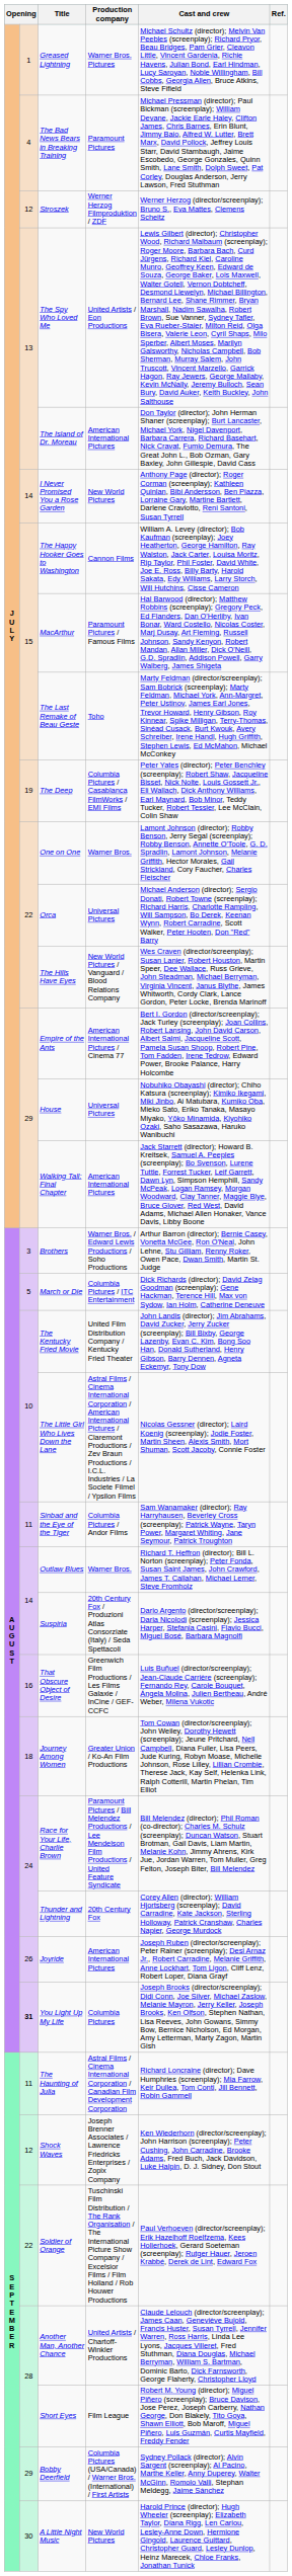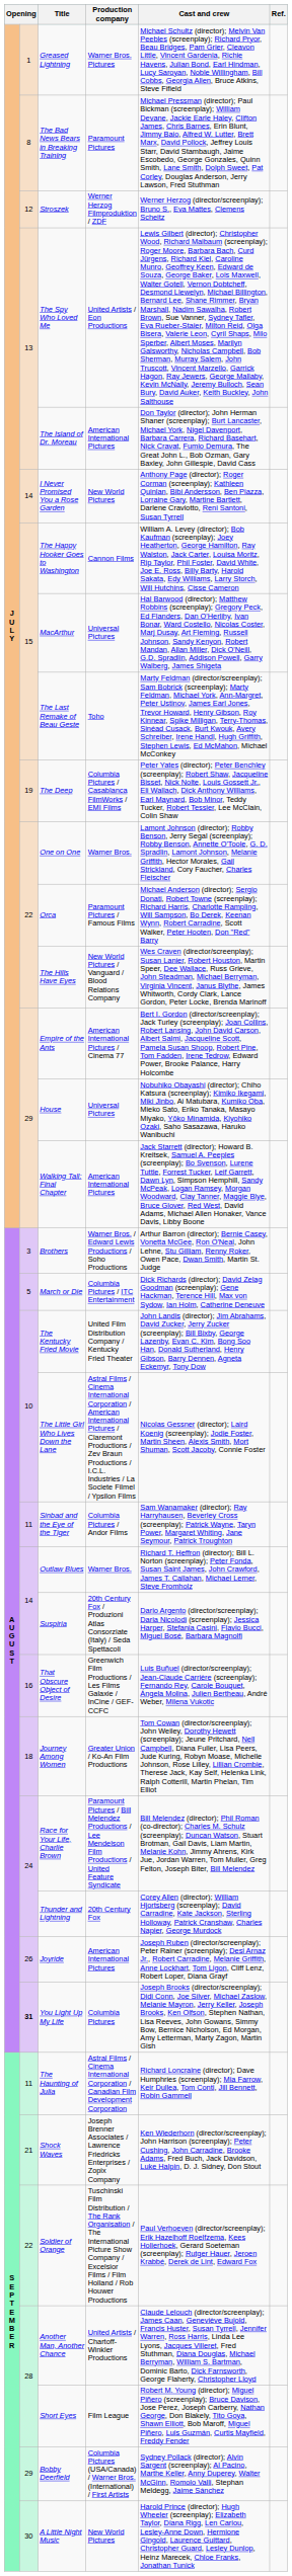 <table class="wikitable">
 <tr style="background:#b0e0e6; text-align:center;">
 <th colspan="2">Opening</th>
 <th style="width:17%;">Title</th>
 <th style="width:16%;">Production company</th>
 <th>Cast and crew</th>
 <th class="unsortable">Ref.</th>
 </tr>
 <tr>
 <th rowspan="16" style="text-align:center; background:#f7bf87;"><strong>J<br>U<br>L<br>Y</strong></th>
 <td style="text-align:center; background:#f7dfc7;">1</td>
 <td><em><a href='#'>Greased Lightning</a></em></td>
 <td><a href='#'>Warner Bros. Pictures</a></td>
 <td><a href='#'>Michael Schultz</a> (director); <a href='#'>Melvin Van Peebles</a> (screenplay); <a href='#'>Richard Pryor</a>, <a href='#'>Beau Bridges</a>, <a href='#'>Pam Grier</a>, <a href='#'>Cleavon Little</a>, <a href='#'>Vincent Gardenia</a>, <a href='#'>Richie Havens</a>, <a href='#'>Julian Bond</a>, <a href='#'>Earl Hindman</a>, <a href='#'>Lucy Saroyan</a>, <a href='#'>Noble Willingham</a>, <a href='#'>Bill Cobbs</a>, <a href='#'>Georgia Allen</a>, Bruce Atkins, Steve Fifield</td>
 <td></td>
 </tr>
 <tr>
-<td style="text-align:center; background:#f7dfc7;">4</td>
+<td style="text-align:center; background:#f7dfc7;">8</td>
 <td><em><a href='#'>The Bad News Bears in Breaking Training</a></em></td>
 <td><a href='#'>Paramount Pictures</a></td>
 <td><a href='#'>Michael Pressman</a> (director); Paul Bickman (screenplay); <a href='#'>William Devane</a>, <a href='#'>Jackie Earle Haley</a>, <a href='#'>Clifton James</a>, <a href='#'>Chris Barnes</a>, Erin Blunt, <a href='#'>Jimmy Baio</a>, <a href='#'>Alfred W. Lutter</a>, <a href='#'>Brett Marx</a>, <a href='#'>David Pollock</a>, Jeffrey Louis Starr, David Stambaugh, Jaime Escobedo, George Gonzales, Quinn Smith, <a href='#'>Lane Smith</a>, <a href='#'>Dolph Sweet</a>, <a href='#'>Pat Corley</a>, Douglas Anderson, Jerry Lawson, Fred Stuthman</td>
 <td></td>
 </tr>
 <tr>
 <td style="text-align:center; background:#f7dfc7;">12</td>
 <td><em><a href='#'>Stroszek</a></em></td>
 <td><a href='#'>Werner Herzog Filmproduktion</a> / <a href='#'>ZDF</a></td>
 <td><a href='#'>Werner Herzog</a> (director/screenplay); <a href='#'>Bruno S.</a>, <a href='#'>Eva Mattes</a>, <a href='#'>Clemens Scheitz</a></td>
 <td></td>
 </tr>
 <tr>
 <td rowspan="2" style="text-align:center; background:#f7dfc7;">13</td>
 <td><em><a href='#'>The Spy Who Loved Me</a></em></td>
 <td><a href='#'>United Artists</a> / <a href='#'>Eon Productions</a></td>
 <td><a href='#'>Lewis Gilbert</a> (director); <a href='#'>Christopher Wood</a>, <a href='#'>Richard Maibaum</a> (screenplay); <a href='#'>Roger Moore</a>, <a href='#'>Barbara Bach</a>, <a href='#'>Curd Jürgens</a>, <a href='#'>Richard Kiel</a>, <a href='#'>Caroline Munro</a>, <a href='#'>Geoffrey Keen</a>, <a href='#'>Edward de Souza</a>, <a href='#'>George Baker</a>, <a href='#'>Lois Maxwell</a>, <a href='#'>Walter Gotell</a>, <a href='#'>Vernon Dobtcheff</a>, <a href='#'>Desmond Llewelyn</a>, <a href='#'>Michael Billington</a>, <a href='#'>Bernard Lee</a>, <a href='#'>Shane Rimmer</a>, <a href='#'>Bryan Marshall</a>, <a href='#'>Nadim Sawalha</a>, <a href='#'>Robert Brown</a>, Sue Vanner, <a href='#'>Sydney Tafler</a>, <a href='#'>Eva Rueber-Staier</a>, <a href='#'>Milton Reid</a>, <a href='#'>Olga Bisera</a>, <a href='#'>Valerie Leon</a>, <a href='#'>Cyril Shaps</a>, <a href='#'>Milo Sperber</a>, <a href='#'>Albert Moses</a>, <a href='#'>Marilyn Galsworthy</a>, <a href='#'>Nicholas Campbell</a>, <a href='#'>Bob Sherman</a>, <a href='#'>Murray Salem</a>, <a href='#'>John Truscott</a>, <a href='#'>Vincent Marzello</a>, <a href='#'>Garrick Hagon</a>, <a href='#'>Ray Jewers</a>, <a href='#'>George Mallaby</a>, <a href='#'>Kevin McNally</a>, <a href='#'>Jeremy Bulloch</a>, <a href='#'>Sean Bury</a>, <a href='#'>David Auker</a>, <a href='#'>Keith Buckley</a>, <a href='#'>John Salthouse</a></td>
 <td></td>
 </tr>
 <tr>
 <td><em><a href='#'>The Island of Dr. Moreau</a></em></td>
 <td><a href='#'>American International Pictures</a></td>
 <td><a href='#'>Don Taylor</a> (director); John Herman Shaner (screenplay); <a href='#'>Burt Lancaster</a>, <a href='#'>Michael York</a>, <a href='#'>Nigel Davenport</a>, <a href='#'>Barbara Carrera</a>, <a href='#'>Richard Basehart</a>, <a href='#'>Nick Cravat</a>, <a href='#'>Fumio Demura</a>, The Great John L., Bob Ozman, Gary Baxley, John Gillespie, David Cass</td>
 <td></td>
 </tr>
 <tr>
 <td style="text-align:center; background:#f7dfc7;">14</td>
 <td><em><a href='#'>I Never Promised You a Rose Garden</a></em></td>
 <td><a href='#'>New World Pictures</a></td>
 <td><a href='#'>Anthony Page</a> (director); <a href='#'>Roger Corman</a> (screenplay); <a href='#'>Kathleen Quinlan</a>, <a href='#'>Bibi Andersson</a>, <a href='#'>Ben Piazza</a>, <a href='#'>Lorraine Gary</a>, <a href='#'>Martine Bartlett</a>, Darlene Craviotto, <a href='#'>Reni Santoni</a>, <a href='#'>Susan Tyrrell</a></td>
 <td></td>
 </tr>
 <tr>
 <td rowspan="3" style="text-align:center; background:#f7dfc7;">15</td>
 <td><em><a href='#'>The Happy Hooker Goes to Washington</a></em></td>
 <td><a href='#'>Cannon Films</a></td>
 <td>William A. Levey (director); <a href='#'>Bob Kaufman</a> (screenplay); <a href='#'>Joey Heatherton</a>, <a href='#'>George Hamilton</a>, <a href='#'>Ray Walston</a>, <a href='#'>Jack Carter</a>, <a href='#'>Louisa Moritz</a>, <a href='#'>Rip Taylor</a>, <a href='#'>Phil Foster</a>, <a href='#'>David White</a>, <a href='#'>Joe E. Ross</a>, <a href='#'>Billy Barty</a>, <a href='#'>Harold Sakata</a>, <a href='#'>Edy Williams</a>, <a href='#'>Larry Storch</a>, <a href='#'>Will Hutchins</a>, <a href='#'>Cisse Cameron</a></td>
 <td></td>
 </tr>
 <tr>
 <td><em><a href='#'>MacArthur</a></em></td>
-<td><a href='#'>Paramount Pictures</a> / Famous Films</td>
+<td><a href='#'>Universal Pictures</a></td>
 <td><a href='#'>Hal Barwood</a> (director); <a href='#'>Matthew Robbins</a> (screenplay); <a href='#'>Gregory Peck</a>, <a href='#'>Ed Flanders</a>, <a href='#'>Dan O'Herlihy</a>, <a href='#'>Ivan Bonar</a>, <a href='#'>Ward Costello</a>, <a href='#'>Nicolas Coster</a>, <a href='#'>Marj Dusay</a>, <a href='#'>Art Fleming</a>, <a href='#'>Russell Johnson</a>, <a href='#'>Sandy Kenyon</a>, <a href='#'>Robert Mandan</a>, <a href='#'>Allan Miller</a>, <a href='#'>Dick O'Neill</a>, <a href='#'>G.D. Spradlin</a>, <a href='#'>Addison Powell</a>, <a href='#'>Garry Walberg</a>, <a href='#'>James Shigeta</a></td>
 <td></td>
 </tr>
 <tr>
 <td><em><a href='#'>The Last Remake of Beau Geste</a></em></td>
 <td><a href='#'>Toho</a></td>
 <td><a href='#'>Marty Feldman</a> (director/screenplay); <a href='#'>Sam Bobrick</a> (screenplay); <a href='#'>Marty Feldman</a>, <a href='#'>Michael York</a>, <a href='#'>Ann-Margret</a>, <a href='#'>Peter Ustinov</a>, <a href='#'>James Earl Jones</a>, <a href='#'>Trevor Howard</a>, <a href='#'>Henry Gibson</a>, <a href='#'>Roy Kinnear</a>, <a href='#'>Spike Milligan</a>, <a href='#'>Terry-Thomas</a>, <a href='#'>Sinéad Cusack</a>, <a href='#'>Burt Kwouk</a>, <a href='#'>Avery Schreiber</a>, <a href='#'>Irene Handl</a>, <a href='#'>Hugh Griffith</a>, <a href='#'>Stephen Lewis</a>, <a href='#'>Ed McMahon</a>, Michael McConkey</td>
 <td></td>
 </tr>
 <tr>
 <td style="text-align:center; background:#f7dfc7;">19</td>
 <td><em><a href='#'>The Deep</a></em></td>
 <td><a href='#'>Columbia Pictures</a> / <a href='#'>Casablanca FilmWorks</a> / <a href='#'>EMI Films</a></td>
 <td><a href='#'>Peter Yates</a> (director); <a href='#'>Peter Benchley</a> (screenplay); <a href='#'>Robert Shaw</a>, <a href='#'>Jacqueline Bisset</a>, <a href='#'>Nick Nolte</a>, <a href='#'>Louis Gossett Jr.</a>, <a href='#'>Eli Wallach</a>, <a href='#'>Dick Anthony Williams</a>, <a href='#'>Earl Maynard</a>, <a href='#'>Bob Minor</a>, Teddy Tucker, <a href='#'>Robert Tessier</a>, Lee McClain, Colin Shaw</td>
 <td></td>
 </tr>
 <tr>
 <td rowspan="3" style="text-align:center; background:#f7dfc7;">22</td>
 <td><em><a href='#'>One on One</a></em></td>
 <td><a href='#'>Warner Bros.</a></td>
 <td><a href='#'>Lamont Johnson</a> (director); <a href='#'>Robby Benson</a>, Jerry Segal (screenplay); <a href='#'>Robby Benson</a>, <a href='#'>Annette O'Toole</a>, <a href='#'>G. D. Spradlin</a>, <a href='#'>Lamont Johnson</a>, <a href='#'>Melanie Griffith</a>, Hector Morales, <a href='#'>Gail Strickland</a>, Cory Faucher, <a href='#'>Charles Fleischer</a></td>
 <td></td>
 </tr>
 <tr>
 <td><em><a href='#'>Orca</a></em></td>
-<td><a href='#'>Universal Pictures</a></td>
+<td><a href='#'>Paramount Pictures</a> / Famous Films</td>
 <td><a href='#'>Michael Anderson</a> (director); <a href='#'>Sergio Donati</a>, <a href='#'>Robert Towne</a> (screenplay); <a href='#'>Richard Harris</a>, <a href='#'>Charlotte Rampling</a>, <a href='#'>Will Sampson</a>, <a href='#'>Bo Derek</a>, <a href='#'>Keenan Wynn</a>, <a href='#'>Robert Carradine</a>, Scott Walker, <a href='#'>Peter Hooten</a>, <a href='#'>Don "Red" Barry</a></td>
 <td></td>
 </tr>
 <tr>
 <td><em><a href='#'>The Hills Have Eyes</a></em></td>
 <td><a href='#'>New World Pictures</a> / Vanguard / Blood Relations Company</td>
 <td><a href='#'>Wes Craven</a> (director/screenplay); <a href='#'>Susan Lanier</a>, <a href='#'>Robert Houston</a>, Martin Speer, <a href='#'>Dee Wallace</a>, Russ Grieve, <a href='#'>John Steadman</a>, <a href='#'>Michael Berryman</a>, <a href='#'>Virginia Vincent</a>, <a href='#'>Janus Blythe</a>, James Whitworth, Cordy Clark, Lance Gordon, Peter Locke, Brenda Marinoff</td>
 <td></td>
 </tr>
 <tr>
 <td rowspan="3" style="text-align:center; background:#f7dfc7;">29</td>
 <td><em><a href='#'>Empire of the Ants</a></em></td>
 <td><a href='#'>American International Pictures</a> / Cinema 77</td>
 <td><a href='#'>Bert I. Gordon</a> (director/screenplay); Jack Turley (screenplay); <a href='#'>Joan Collins</a>, <a href='#'>Robert Lansing</a>, <a href='#'>John David Carson</a>, <a href='#'>Albert Salmi</a>, <a href='#'>Jacqueline Scott</a>, <a href='#'>Pamela Susan Shoop</a>, <a href='#'>Robert Pine</a>, <a href='#'>Tom Fadden</a>, <a href='#'>Irene Tedrow</a>, Edward Power, Brooke Palance, Harry Holcombe</td>
 <td></td>
 </tr>
 <tr>
 <td><em><a href='#'>House</a></em></td>
 <td><a href='#'>Universal Pictures</a></td>
 <td><a href='#'>Nobuhiko Obayashi</a> (director); Chiho Katsura (screenplay); <a href='#'>Kimiko Ikegami</a>, <a href='#'>Miki Jinbo</a>, Ai Matubara, <a href='#'>Kumiko Oba</a>, Mieko Sato, Eriko Tanaka, Masayo Miyako, <a href='#'>Yōko Minamida</a>, <a href='#'>Kiyohiko Ozaki</a>, Saho Sasazawa, Haruko Wanibuchi</td>
 <td></td>
 </tr>
 <tr>
 <td><em><a href='#'>Walking Tall: Final Chapter</a></em></td>
 <td><a href='#'>American International Pictures</a></td>
 <td><a href='#'>Jack Starrett</a> (director);  Howard B. Kreitsek, <a href='#'>Samuel A. Peeples</a> (screenplay); <a href='#'>Bo Svenson</a>, <a href='#'>Lurene Tuttle</a>, <a href='#'>Forrest Tucker</a>, <a href='#'>Leif Garrett</a>, <a href='#'>Dawn Lyn</a>, Simpson Hemphill, <a href='#'>Sandy McPeak</a>, <a href='#'>Logan Ramsey</a>, <a href='#'>Morgan Woodward</a>, <a href='#'>Clay Tanner</a>, <a href='#'>Maggie Blye</a>, <a href='#'>Bruce Glover</a>, <a href='#'>Red West</a>, David Adams, Michael Allen Honaker, Vance Davis, Libby Boone</td>
 <td></td>
 </tr>
 <tr>
 <th rowspan="13" style="text-align:center; background:#bf87f7;"><strong>A<br>U<br>G<br>U<br>S<br>T</strong></th>
 <td style="text-align:center; background:#dfc7f7;">3</td>
 <td><em><a href='#'>Brothers</a></em></td>
 <td><a href='#'>Warner Bros.</a> / <a href='#'>Edward Lewis Productions</a> / Soho Productions</td>
 <td>Arthur Barron (director); <a href='#'>Bernie Casey</a>, <a href='#'>Vonetta McGee</a>, <a href='#'>Ron O'Neal</a>, John Lehne, <a href='#'>Stu Gilliam</a>, <a href='#'>Renny Roker</a>, Owen Pace, <a href='#'>Dwan Smith</a>, Martin St. Judge</td>
 <td></td>
 </tr>
 <tr>
 <td style="text-align:center; background:#dfc7f7;">5</td>
 <td><em><a href='#'>March or Die</a></em></td>
 <td><a href='#'>Columbia Pictures</a> / <a href='#'>ITC Entertainment</a></td>
 <td><a href='#'>Dick Richards</a> (director); <a href='#'>David Zelag Goodman</a> (screenplay); <a href='#'>Gene Hackman</a>, <a href='#'>Terence Hill</a>, <a href='#'>Max von Sydow</a>, <a href='#'>Ian Holm</a>, <a href='#'>Catherine Deneuve</a></td>
 <td></td>
 </tr>
 <tr>
 <td rowspan="2" style="text-align:center; background:#dfc7f7;">10</td>
 <td><em><a href='#'>The Kentucky Fried Movie</a></em></td>
 <td>United Film Distribution Company / Kentucky Fried Theater</td>
 <td><a href='#'>John Landis</a> (director); <a href='#'>Jim Abrahams</a>, <a href='#'>David Zucker</a>, <a href='#'>Jerry Zucker</a> (screenplay); <a href='#'>Bill Bixby</a>, <a href='#'>George Lazenby</a>, <a href='#'>Evan C. Kim</a>, <a href='#'>Bong Soo Han</a>, <a href='#'>Donald Sutherland</a>, <a href='#'>Henry Gibson</a>, <a href='#'>Barry Dennen</a>, <a href='#'>Agneta Eckemyr</a>, <a href='#'>Tony Dow</a></td>
 <td></td>
 </tr>
 <tr>
 <td><em><a href='#'>The Little Girl Who Lives Down the Lane</a></em></td>
 <td><a href='#'>Astral Films</a> / <a href='#'>Cinema International Corporation</a> / <a href='#'>American International Pictures</a> / Claremont Productions / Zev Braun Productions / I.C.L. Industries / La Societe Filmel / Ypsilon Films</td>
 <td><a href='#'>Nicolas Gessner</a> (director); <a href='#'>Laird Koenig</a> (screenplay); <a href='#'>Jodie Foster</a>, <a href='#'>Martin Sheen</a>, <a href='#'>Alexis Smith</a>, <a href='#'>Mort Shuman</a>, <a href='#'>Scott Jacoby</a>, Connie Foster</td>
 <td></td>
 </tr>
 <tr>
 <td style="text-align:center; background:#dfc7f7;">11</td>
 <td><em><a href='#'>Sinbad and the Eye of the Tiger</a></em></td>
 <td><a href='#'>Columbia Pictures</a> / Andor Films</td>
 <td><a href='#'>Sam Wanamaker</a> (director); <a href='#'>Ray Harryhausen</a>, <a href='#'>Beverley Cross</a> (screenplay); <a href='#'>Patrick Wayne</a>, <a href='#'>Taryn Power</a>, <a href='#'>Margaret Whiting</a>, <a href='#'>Jane Seymour</a>, <a href='#'>Patrick Troughton</a></td>
 <td></td>
 </tr>
 <tr>
 <td rowspan="2" style="text-align:center; background:#dfc7f7;">14</td>
 <td><em><a href='#'>Outlaw Blues</a></em></td>
 <td><a href='#'>Warner Bros.</a></td>
 <td><a href='#'>Richard T. Heffron</a> (director); Bill L. Norton (screenplay); <a href='#'>Peter Fonda</a>, <a href='#'>Susan Saint James</a>, <a href='#'>John Crawford</a>, <a href='#'>James T. Callahan</a>, <a href='#'>Michael Lerner</a>, <a href='#'>Steve Fromholz</a></td>
 <td></td>
 </tr>
 <tr>
 <td><em><a href='#'>Suspiria</a></em></td>
 <td><a href='#'>20th Century Fox</a> / Produzioni Atlas Consorziate (Italy) / Seda Spettacoli</td>
 <td><a href='#'>Dario Argento</a> (director/screenplay); <a href='#'>Daria Nicolodi</a> (screenplay); <a href='#'>Jessica Harper</a>, <a href='#'>Stefania Casini</a>, <a href='#'>Flavio Bucci</a>, <a href='#'>Miguel Bosé</a>, <a href='#'>Barbara Magnolfi</a></td>
 <td></td>
 </tr>
 <tr>
 <td style="text-align:center; background:#dfc7f7;">16</td>
 <td><em><a href='#'>That Obscure Object of Desire</a></em></td>
 <td>Greenwich Film Productions / Les Films Galaxie / InCine / GEF-CCFC</td>
 <td><a href='#'>Luis Buñuel</a> (director/screenplay); <a href='#'>Jean-Claude Carrière</a> (screenplay); <a href='#'>Fernando Rey</a>, <a href='#'>Carole Bouquet</a>, <a href='#'>Ángela Molina</a>, <a href='#'>Julien Bertheau</a>, André Weber, <a href='#'>Milena Vukotic</a></td>
 <td></td>
 </tr>
 <tr>
 <td style="text-align:center; background:#dfc7f7;">18</td>
 <td><em><a href='#'>Journey Among Women</a></em></td>
 <td><a href='#'>Greater Union</a> / Ko-An Film Productions</td>
 <td><a href='#'>Tom Cowan</a> (director/screenplay); John Weiley, <a href='#'>Dorothy Hewett</a> (screenplay); Jeune Pritchard, <a href='#'>Nell Campbell</a>, Diana Fuller, Lisa Peers, Jude Kuring, Robyn Moase, Michelle Johnson, Rose Lilley, <a href='#'>Lillian Crombie</a>, Therese Jack, Kay Self, Helenka Link, Ralph Cotterill, Martin Phelan, Tim Elliot</td>
 <td></td>
 </tr>
 <tr>
 <td rowspan="2" style="text-align:center; background:#dfc7f7;">24</td>
 <td><em><a href='#'>Race for Your Life, Charlie Brown</a></em></td>
 <td><a href='#'>Paramount Pictures</a> / <a href='#'>Bill Melendez Productions</a> / <a href='#'>Lee Mendelson Film Productions</a> / <a href='#'>United Feature Syndicate</a></td>
 <td><a href='#'>Bill Melendez</a> (director); <a href='#'>Phil Roman</a> (co-director); <a href='#'>Charles M. Schulz</a> (screenplay); <a href='#'>Duncan Watson</a>, Stuart Brotman, Gail Davis, Liam Martin, <a href='#'>Melanie Kohn</a>, Jimmy Ahrens, Kirk Jue, Jordan Warren, Tom Muller, Greg Felton, Joseph Biter, <a href='#'>Bill Melendez</a></td>
 <td></td>
 </tr>
 <tr>
 <td><em><a href='#'>Thunder and Lightning</a></em></td>
 <td><a href='#'>20th Century Fox</a></td>
 <td><a href='#'>Corey Allen</a> (director); <a href='#'>William Hjortsberg</a> (screenplay); <a href='#'>David Carradine</a>, <a href='#'>Kate Jackson</a>, <a href='#'>Sterling Holloway</a>, <a href='#'>Patrick Cranshaw</a>, <a href='#'>Charles Napier</a>, <a href='#'>George Murdock</a></td>
 <td></td>
 </tr>
 <tr>
 <td style="text-align:center; background:#dfc7f7;">26</td>
 <td><em><a href='#'>Joyride</a></em></td>
 <td><a href='#'>American International Pictures</a></td>
 <td><a href='#'>Joseph Ruben</a> (director/screenplay); Peter Rainer (screenplay); <a href='#'>Desi Arnaz Jr.</a>, <a href='#'>Robert Carradine</a>, <a href='#'>Melanie Griffith</a>, <a href='#'>Anne Lockhart</a>, <a href='#'>Tom Ligon</a>, Cliff Lenz, Robert Loper, Diana Grayf</td>
 <td></td>
 </tr>
 <tr>
 <td style="text-align:center; background:#dfc7f7;"><strong>31</strong></td>
 <td><em><a href='#'>You Light Up My Life</a></em></td>
 <td><a href='#'>Columbia Pictures</a></td>
 <td><a href='#'>Joseph Brooks</a> (director/screenplay); <a href='#'>Didi Conn</a>, <a href='#'>Joe Silver</a>, <a href='#'>Michael Zaslow</a>, <a href='#'>Melanie Mayron</a>, <a href='#'>Jerry Keller</a>, <a href='#'>Joseph Brooks</a>, <a href='#'>Ken Olfson</a>, Stephen Nathan, Lisa Reeves, John Gowans, Simmy Bow, Bernice Nicholson, Ed Morgan, Amy Letterman, Marty Zagon, Martin Gish</td>
 <td></td>
 </tr>
 <tr>
 <th rowspan="8" style="text-align:center; background:#87f7bf; textcolor:#000;"><strong>S<br>E<br>P<br>T<br>E<br>M<br>B<br>E<br>R</strong></th>
 <td style="text-align:center; background:#c7f7df;">11</td>
 <td><em><a href='#'>The Haunting of Julia</a></em></td>
 <td><a href='#'>Astral Films</a> / <a href='#'>Cinema International Corporation</a> / <a href='#'>Canadian Film Development Corporation</a></td>
 <td><a href='#'>Richard Loncraine</a> (director); Dave Humphries (screenplay); <a href='#'>Mia Farrow</a>, <a href='#'>Keir Dullea</a>, <a href='#'>Tom Conti</a>, <a href='#'>Jill Bennett</a>, <a href='#'>Robin Gammell</a></td>
 <td></td>
 </tr>
 <tr>
-<td style="text-align:center; background:#c7f7df;">12</td>
+<td style="text-align:center; background:#c7f7df;">21</td>
 <td><em><a href='#'>Shock Waves</a></em></td>
 <td>Joseph Brenner Associates / Lawrence Friedricks Enterprises / Zopix Company</td>
 <td><a href='#'>Ken Wiederhorn</a> (director/screenplay); John Harrison (screenplay); <a href='#'>Peter Cushing</a>, <a href='#'>John Carradine</a>, <a href='#'>Brooke Adams</a>, Fred Buch, Jack Davidson, <a href='#'>Luke Halpin</a>, D. J. Sidney, Don Stout</td>
 <td></td>
 </tr>
 <tr>
 <td style="text-align:center; background:#c7f7df;">22</td>
 <td><em><a href='#'>Soldier of Orange</a></em></td>
 <td>Tuschinski Film Distribution / <a href='#'>The Rank Organisation</a> / The International Picture Show Company / Excelsior Films / Film Holland / Rob Houwer Productions</td>
 <td><a href='#'>Paul Verhoeven</a> (director/screenplay); <a href='#'>Erik Hazelhoff Roelfzema</a>, <a href='#'>Kees Holierhoek</a>, Gerard Soeteman (screenplay); <a href='#'>Rutger Hauer</a>, <a href='#'>Jeroen Krabbé</a>, <a href='#'>Derek de Lint</a>, <a href='#'>Edward Fox</a></td>
 <td></td>
 </tr>
 <tr>
 <td rowspan="2" style="text-align:center; background:#c7f7df;">28</td>
 <td><em><a href='#'>Another Man, Another Chance</a></em></td>
 <td><a href='#'>United Artists</a> / Chartoff-Winkler Productions</td>
 <td><a href='#'>Claude Lelouch</a> (director/screenplay); <a href='#'>James Caan</a>, <a href='#'>Geneviève Bujold</a>, <a href='#'>Francis Huster</a>, <a href='#'>Susan Tyrrell</a>, <a href='#'>Jennifer Warren</a>, <a href='#'>Ross Harris</a>, Linda Lee Lyons, <a href='#'>Jacques Villeret</a>, Fred Stuthman, <a href='#'>Diana Douglas</a>, <a href='#'>Michael Berryman</a>, <a href='#'>William S. Bartman</a>, Dominic Barto, <a href='#'>Dick Farnsworth</a>, George Flaherty, <a href='#'>Christopher Lloyd</a></td>
 <td></td>
 </tr>
 <tr>
 <td><em><a href='#'>Short Eyes</a></em></td>
 <td>Film League</td>
 <td><a href='#'>Robert M. Young</a> (director); <a href='#'>Miguel Piñero</a> (screenplay); <a href='#'>Bruce Davison</a>, Jose Perez, Joseph Carberry, <a href='#'>Nathan George</a>, Don Blakely, <a href='#'>Tito Goya</a>, <a href='#'>Shawn Elliott</a>,  Bob Maroff, <a href='#'>Miguel Piñero</a>, <a href='#'>Luis Guzmán</a>, <a href='#'>Curtis Mayfield</a>, <a href='#'>Freddy Fender</a></td>
 <td></td>
 </tr>
 <tr>
 <td style="text-align:center; background:#c7f7df;">29</td>
 <td><em><a href='#'>Bobby Deerfield</a></em></td>
 <td><a href='#'>Columbia Pictures</a> (USA/Canada) / <a href='#'>Warner Bros.</a> (International) / <a href='#'>First Artists</a></td>
 <td><a href='#'>Sydney Pollack</a> (director); <a href='#'>Alvin Sargent</a> (screenplay); <a href='#'>Al Pacino</a>, <a href='#'>Marthe Keller</a>, <a href='#'>Anny Duperey</a>, <a href='#'>Walter McGinn</a>, <a href='#'>Romolo Valli</a>, Stephan Meldegg, <a href='#'>Jaime Sánchez</a></td>
 <td></td>
 </tr>
 <tr>
 <td style="text-align:center; background:#c7f7df;">30</td>
 <td><em><a href='#'>A Little Night Music</a></em></td>
 <td><a href='#'>New World Pictures</a></td>
 <td><a href='#'>Harold Prince</a> (director); <a href='#'>Hugh Wheeler</a> (screenplay); <a href='#'>Elizabeth Taylor</a>, <a href='#'>Diana Rigg</a>, <a href='#'>Len Cariou</a>, <a href='#'>Lesley-Anne Down</a>, <a href='#'>Hermione Gingold</a>, <a href='#'>Laurence Guittard</a>, <a href='#'>Christopher Guard</a>, <a href='#'>Lesley Dunlop</a>, Heinz Marecek, <a href='#'>Chloe Franks</a>, <a href='#'>Jonathan Tunick</a></td>
 <td></td>
 </tr>
 </table>
